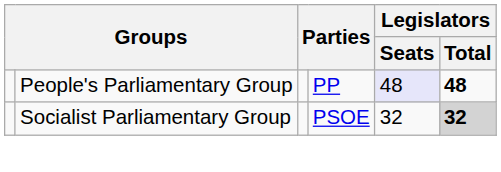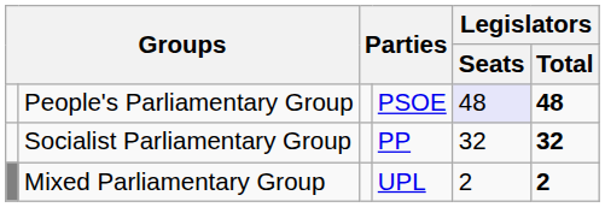 <table class="wikitable" style="text-align:left;">
 <tr>
 <th rowspan="2" colspan="2">Groups</th>
 <th rowspan="2" colspan="2">Parties</th>
 <th colspan="2">Legislators</th>
 </tr>
 <tr>
 <th>Seats</th>
 <th>Total</th>
 </tr>
 <tr>
 <td width="1" style="color:inherit;background:"></td>
 <td>People's Parliamentary Group</td>
 <td width="1" style="color:inherit;background:"></td>
-<td><a href='#'>PP</a></td>
+<td><a href='#'>PSOE</a></td>
 <td style="background: lavender;">48</td>
 <td><strong>48</strong></td>
 </tr>
 <tr>
 <td style="color:inherit;background:"></td>
 <td>Socialist Parliamentary Group</td>
 <td style="color:inherit;background:"></td>
-<td><a href='#'>PSOE</a></td>
+<td><a href='#'>PP</a></td>
 <td>32</td>
-<td style="background: lightgrey;"><strong>32</strong></td>
+<td><strong>32</strong></td>
+</tr>
+<tr>
+<td bgcolor="gray"></td>
+<td>Mixed Parliamentary Group</td>
+<td style="color:inherit;background:"></td>
+<td align="left"><a href='#'>UPL</a></td>
+<td>2</td>
+<td><strong>2</strong></td>
 </tr>
 </table>
